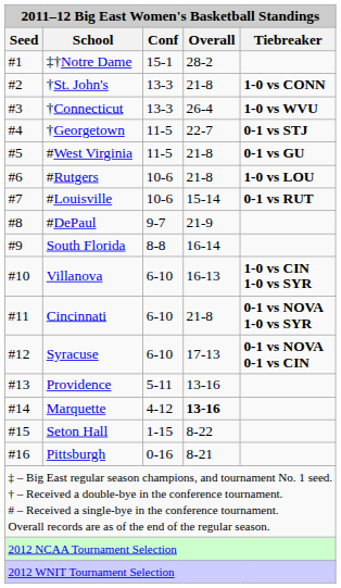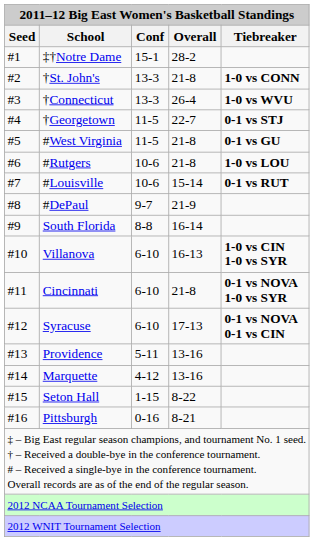 <table class="wikitable">
 <tr>
 <td colspan="7" style="text-align:center; background:#ccc; font:#000;"><strong>2011–12 Big East Women's Basketball Standings</strong></td>
 </tr>
 <tr style="background:#efefef;">
 <th>Seed</th>
 <th>School</th>
 <th>Conf</th>
 <th>Overall</th>
 <th>Tiebreaker</th>
 </tr>
 <tr>
 <td>#1</td>
 <td>‡†<a href='#'>Notre Dame</a></td>
 <td>15-1</td>
 <td>28-2</td>
 <td></td>
 </tr>
 <tr>
 <td>#2</td>
 <td>†<a href='#'>St. John's</a></td>
 <td>13-3</td>
 <td>21-8</td>
 <td><strong>1-0 vs CONN</strong></td>
 </tr>
 <tr>
 <td>#3</td>
 <td>†<a href='#'>Connecticut</a></td>
 <td>13-3</td>
 <td>26-4</td>
 <td><strong>1-0 vs WVU</strong></td>
 </tr>
 <tr>
 <td>#4</td>
 <td>†<a href='#'>Georgetown</a></td>
 <td>11-5</td>
 <td>22-7</td>
 <td><strong>0-1 vs STJ</strong></td>
 </tr>
 <tr>
 <td>#5</td>
 <td>#<a href='#'>West Virginia</a></td>
 <td>11-5</td>
 <td>21-8</td>
 <td><strong>0-1 vs GU</strong></td>
 </tr>
 <tr>
 <td>#6</td>
 <td>#<a href='#'>Rutgers</a></td>
 <td>10-6</td>
 <td>21-8</td>
 <td><strong>1-0 vs LOU</strong></td>
 </tr>
 <tr>
 <td>#7</td>
 <td>#<a href='#'>Louisville</a></td>
 <td>10-6</td>
 <td>15-14</td>
 <td><strong>0-1 vs RUT</strong></td>
 </tr>
 <tr>
 <td>#8</td>
 <td>#<a href='#'>DePaul</a></td>
 <td>9-7</td>
 <td>21-9</td>
 <td></td>
 </tr>
 <tr>
 <td>#9</td>
 <td><a href='#'>South Florida</a></td>
 <td>8-8</td>
 <td>16-14</td>
 <td></td>
 </tr>
 <tr>
 <td>#10</td>
 <td><a href='#'>Villanova</a></td>
 <td>6-10</td>
 <td>16-13</td>
 <td><strong>1-0 vs CIN</strong><br><strong>1-0 vs SYR</strong></td>
 </tr>
 <tr>
 <td>#11</td>
 <td><a href='#'>Cincinnati</a></td>
 <td>6-10</td>
 <td>21-8</td>
 <td><strong>0-1 vs NOVA</strong><br><strong>1-0 vs SYR</strong></td>
 </tr>
 <tr>
 <td>#12</td>
 <td><a href='#'>Syracuse</a></td>
 <td>6-10</td>
 <td>17-13</td>
 <td><strong>0-1 vs NOVA</strong><br><strong>0-1 vs CIN</strong></td>
 </tr>
 <tr>
 <td>#13</td>
 <td><a href='#'>Providence</a></td>
 <td>5-11</td>
 <td>13-16</td>
 <td></td>
 </tr>
 <tr>
 <td>#14</td>
 <td><a href='#'>Marquette</a></td>
 <td>4-12</td>
-<td><strong>13-16</strong></td>
+<td>13-16</td>
 <td></td>
 </tr>
 <tr>
 <td>#15</td>
 <td><a href='#'>Seton Hall</a></td>
 <td>1-15</td>
 <td>8-22</td>
 <td></td>
 </tr>
 <tr>
 <td>#16</td>
 <td><a href='#'>Pittsburgh</a></td>
 <td>0-16</td>
 <td>8-21</td>
 <td></td>
 </tr>
 <tr>
 <td colspan="6" style="text-align:left;"><small>‡ – Big East regular season champions, and tournament No. 1 seed.<br>† – Received a double-bye in the conference tournament.<br># – Received a single-bye in the conference tournament. <br>Overall records are as of the end of the regular season.</small></td>
 </tr>
 <tr>
 <td colspan="6" style="text-align:left; background:#ccffcc"><small><a href='#'>2012 NCAA Tournament Selection</a></small></td>
 </tr>
 <tr>
 <td colspan="6" style="text-align:left; background:#ccccff"><small><a href='#'>2012 WNIT Tournament Selection</a></small></td>
 </tr>
 </table>
